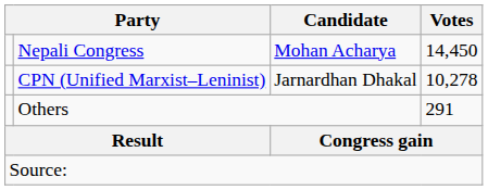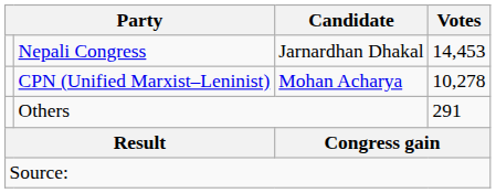 <table class="wikitable">
 <tr>
 <th colspan="2">Party</th>
 <th>Candidate</th>
 <th>Votes</th>
 </tr>
 <tr>
 <td style="background-color:"></td>
 <td><a href='#'>Nepali Congress</a></td>
-<td><a href='#'>Mohan Acharya</a></td>
-<td>14,450</td>
+<td>Jarnardhan Dhakal</td>
+<td>14,453</td>
 </tr>
 <tr>
 <td style="background-color:"></td>
 <td><a href='#'>CPN (Unified Marxist–Leninist)</a></td>
-<td>Jarnardhan Dhakal</td>
+<td><a href='#'>Mohan Acharya</a></td>
 <td>10,278</td>
 </tr>
 <tr>
 <td></td>
 <td colspan="2">Others</td>
 <td>291</td>
 </tr>
 <tr>
 <th colspan="2">Result</th>
 <th colspan="2">Congress gain</th>
 </tr>
 <tr>
 <td colspan="4">Source: </td>
 </tr>
 </table>
